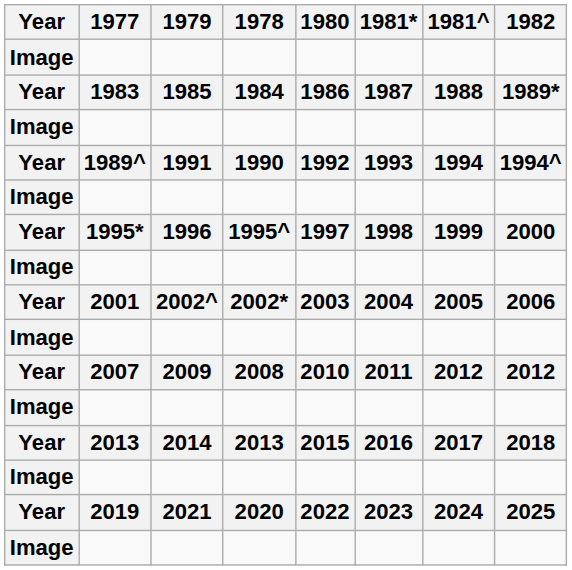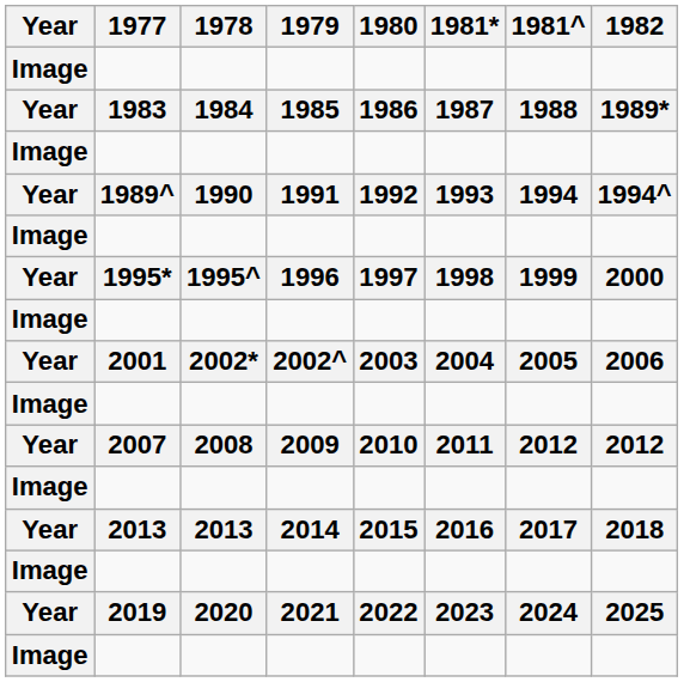 <table class="wikitable">
 <tr>
 <th>Year</th>
 <th>1977</th>
+<th>1978</th>
 <th>1979</th>
-<th>1978</th>
 <th>1980</th>
 <th>1981*</th>
 <th>1981^</th>
 <th>1982</th>
 </tr>
 <tr>
 <th>Image</th>
 <td></td>
 <td></td>
 <td></td>
 <td></td>
 <td></td>
 <td></td>
 <td></td>
 </tr>
 <tr>
 <th>Year</th>
 <th>1983</th>
+<th>1984</th>
 <th>1985</th>
-<th>1984</th>
 <th>1986</th>
 <th>1987</th>
 <th>1988</th>
 <th>1989*</th>
 </tr>
 <tr>
 <th>Image</th>
 <td></td>
 <td></td>
 <td></td>
 <td></td>
 <td></td>
 <td></td>
 <td></td>
 </tr>
 <tr>
 <th>Year</th>
 <th>1989^</th>
+<th>1990</th>
 <th>1991</th>
-<th>1990</th>
 <th>1992</th>
 <th>1993</th>
 <th>1994</th>
 <th>1994^</th>
 </tr>
 <tr>
 <th>Image</th>
 <td></td>
 <td></td>
 <td></td>
 <td></td>
 <td></td>
 <td></td>
 <td></td>
 </tr>
 <tr>
 <th>Year</th>
 <th>1995*</th>
+<th>1995^</th>
 <th>1996</th>
-<th>1995^</th>
 <th>1997</th>
 <th>1998</th>
 <th>1999</th>
 <th>2000</th>
 </tr>
 <tr>
 <th>Image</th>
 <td></td>
 <td></td>
 <td></td>
 <td></td>
 <td></td>
 <td></td>
 <td></td>
 </tr>
 <tr>
 <th>Year</th>
 <th>2001</th>
+<th>2002*</th>
 <th>2002^</th>
-<th>2002*</th>
 <th>2003</th>
 <th>2004</th>
 <th>2005</th>
 <th>2006</th>
 </tr>
 <tr>
 <th>Image</th>
 <td></td>
 <td></td>
 <td></td>
 <td></td>
 <td></td>
 <td></td>
 <td></td>
 </tr>
 <tr>
 <th>Year</th>
 <th>2007</th>
+<th>2008</th>
 <th>2009</th>
-<th>2008</th>
 <th>2010</th>
 <th>2011</th>
 <th>2012</th>
 <th>2012</th>
 </tr>
 <tr>
 <th>Image</th>
 <td></td>
 <td></td>
 <td></td>
 <td></td>
 <td></td>
 <td></td>
 <td></td>
 </tr>
 <tr>
 <th>Year</th>
 <th>2013</th>
+<th>2013</th>
 <th>2014</th>
-<th>2013</th>
 <th>2015</th>
 <th>2016</th>
 <th>2017</th>
 <th>2018</th>
 </tr>
 <tr>
 <th>Image</th>
 <td></td>
 <td></td>
 <td></td>
 <td></td>
 <td></td>
 <td></td>
 <td></td>
 </tr>
 <tr>
 <th>Year</th>
 <th>2019</th>
+<th>2020</th>
 <th>2021</th>
-<th>2020</th>
 <th>2022</th>
 <th>2023</th>
 <th>2024</th>
 <th>2025</th>
 </tr>
 <tr>
 <th>Image</th>
 <td></td>
 <td></td>
 <td></td>
 <td></td>
 <td></td>
 <td></td>
 <td></td>
 </tr>
 </table>
